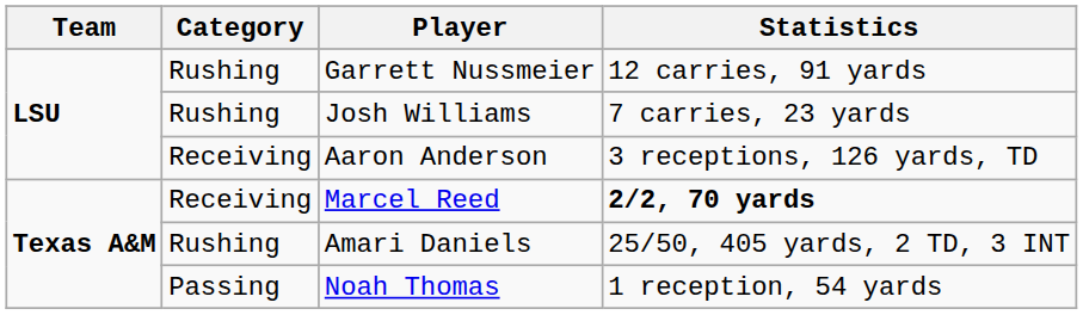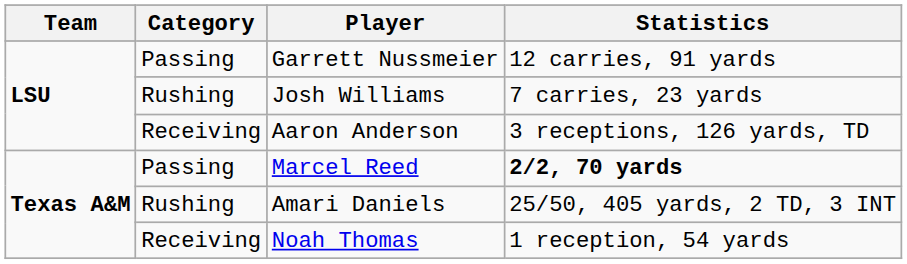 <table class="wikitable" style="float: right;">
 <tr>
 <th>Team</th>
 <th>Category</th>
 <th>Player</th>
 <th>Statistics</th>
 </tr>
 <tr>
 <td rowspan=3><strong>LSU</strong></td>
-<td>Rushing</td>
+<td>Passing</td>
 <td>Garrett Nussmeier</td>
 <td>12 carries, 91 yards</td>
 </tr>
 <tr>
 <td>Rushing</td>
 <td>Josh Williams</td>
 <td>7 carries, 23 yards</td>
 </tr>
 <tr>
 <td>Receiving</td>
 <td>Aaron Anderson</td>
 <td>3 receptions, 126 yards, TD</td>
 </tr>
 <tr>
 <td rowspan=3><strong>Texas A&M</strong></td>
-<td>Receiving</td>
+<td>Passing</td>
 <td><a href='#'>Marcel Reed</a></td>
 <td><strong>2/2, 70 yards</strong></td>
 </tr>
 <tr>
 <td>Rushing</td>
 <td>Amari Daniels</td>
 <td>25/50, 405 yards, 2 TD, 3 INT</td>
 </tr>
 <tr>
-<td>Passing</td>
+<td>Receiving</td>
 <td><a href='#'>Noah Thomas</a></td>
 <td>1 reception, 54 yards</td>
 </tr>
 </table>
